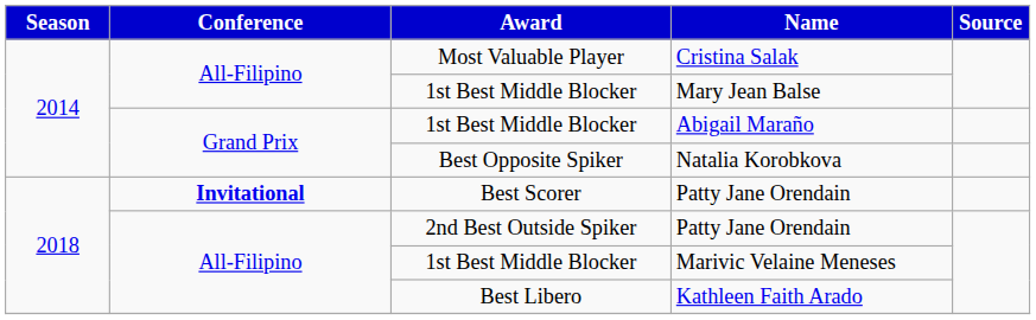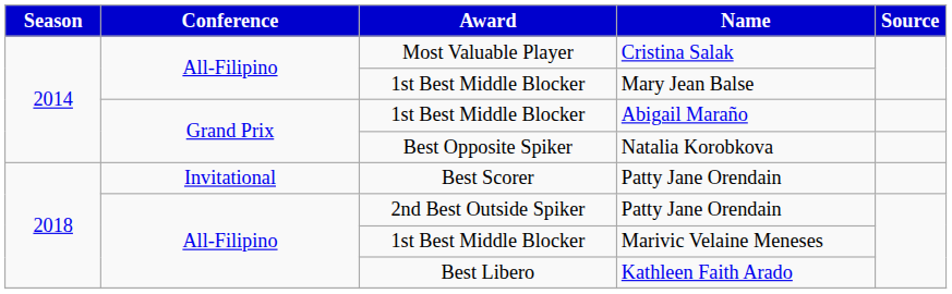 <table class="wikitable">
 <tr>
 <th width=70px style="background:#0000CD; color:white">Season</th>
 <th width=200px style="background:#0000CD; color:white">Conference</th>
 <th width=200px style="background:#0000CD; color:white">Award</th>
 <th width=200px style="background:#0000CD; color:white">Name</th>
 <th width=50px style="background:#0000CD; color:white">Source</th>
 </tr>
 <tr align=center>
 <td rowspan=4><a href='#'>2014</a></td>
 <td rowspan=2><a href='#'>All-Filipino</a></td>
 <td>Most Valuable Player</td>
 <td align="left"> <a href='#'>Cristina Salak</a></td>
 <td rowspan=2></td>
 </tr>
 <tr align=center>
 <td>1st Best Middle Blocker</td>
 <td align="left"> Mary Jean Balse</td>
 </tr>
 <tr align=center>
 <td rowspan=2><a href='#'>Grand Prix</a></td>
 <td>1st Best Middle Blocker</td>
 <td align="left"> <a href='#'>Abigail Maraño</a></td>
 <td></td>
 </tr>
 <tr align=center>
 <td>Best Opposite Spiker</td>
 <td align="left"> Natalia Korobkova</td>
 <td></td>
 </tr>
 <tr align=center>
 <td rowspan=4><a href='#'>2018</a></td>
-<td><strong><a href='#'>Invitational</a></strong></td>
+<td><a href='#'>Invitational</a></td>
 <td>Best Scorer</td>
 <td align="left"> Patty Jane Orendain</td>
 <td></td>
 </tr>
 <tr align=center>
 <td rowspan=3; align="center"><a href='#'>All-Filipino</a></td>
 <td>2nd Best Outside Spiker</td>
 <td align="left"> Patty Jane Orendain</td>
 <td rowspan=3></td>
 </tr>
 <tr align=center>
 <td>1st Best Middle Blocker</td>
 <td align="left"> Marivic Velaine Meneses</td>
 </tr>
 <tr align=center>
 <td>Best Libero</td>
 <td align="left"> <a href='#'>Kathleen Faith Arado</a></td>
 </tr>
 <tr>
 </tr>
 </table>
